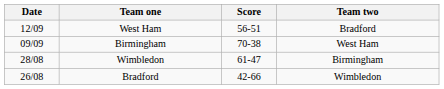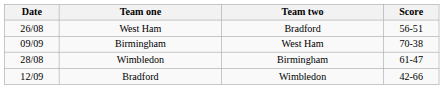 <table class="wikitable" style="text-align: center">
 <tr>
 <th width=80>Date</th>
 <th width=250>Team one</th>
+<th width=250>Team two</th>
 <th width=80>Score</th>
-<th width=250>Team two</th>
 </tr>
 <tr>
-<td>12/09</td>
+<td>26/08</td>
 <td>West Ham</td>
+<td>Bradford</td>
 <td>56-51</td>
-<td>Bradford</td>
 </tr>
 <tr>
 <td>09/09</td>
 <td>Birmingham</td>
+<td>West Ham</td>
 <td>70-38</td>
-<td>West Ham</td>
 </tr>
 <tr>
 <td>28/08</td>
 <td>Wimbledon</td>
+<td>Birmingham</td>
 <td>61-47</td>
-<td>Birmingham</td>
 </tr>
 <tr>
-<td>26/08</td>
+<td>12/09</td>
 <td>Bradford</td>
+<td>Wimbledon</td>
 <td>42-66</td>
-<td>Wimbledon</td>
 </tr>
 </table>
